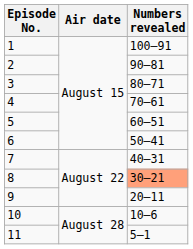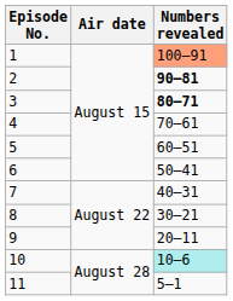 <table class="wikitable">
 <tr>
 <th>Episode<br>No.</th>
 <th>Air date</th>
 <th>Numbers<br>revealed</th>
 </tr>
 <tr>
 <td>1</td>
 <td rowspan="6">August 15</td>
-<td>100–91</td>
+<td style="background: lightsalmon;">100–91</td>
 </tr>
 <tr>
 <td>2</td>
-<td>90–81</td>
+<td><strong>90–81</strong></td>
 </tr>
 <tr>
 <td>3</td>
-<td>80–71</td>
+<td><strong>80–71</strong></td>
 </tr>
 <tr>
 <td>4</td>
 <td>70–61</td>
 </tr>
 <tr>
 <td>5</td>
 <td>60–51</td>
 </tr>
 <tr>
 <td>6</td>
 <td>50–41</td>
 </tr>
 <tr>
 <td>7</td>
 <td rowspan="3">August 22</td>
 <td>40–31</td>
 </tr>
 <tr>
 <td>8</td>
-<td style="background: lightsalmon;">30–21</td>
+<td>30–21</td>
 </tr>
 <tr>
 <td>9</td>
 <td>20–11</td>
 </tr>
 <tr>
 <td>10</td>
 <td rowspan="3">August 28</td>
-<td>10–6</td>
+<td style="background: paleturquoise;">10–6</td>
 </tr>
 <tr>
 <td>11</td>
 <td>5–1</td>
 </tr>
 </table>
